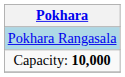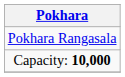 <table class="wikitable" style="text-align:center">
 <tr>
 <th><a href='#'>Pokhara</a></th>
 </tr>
 <tr>
-<td style="background: lightblue;"><a href='#'>Pokhara Rangasala</a></td>
+<td><a href='#'>Pokhara Rangasala</a></td>
 </tr>
 <tr>
 <td>Capacity: <strong>10,000</strong></td>
 </tr>
 <tr>
 </tr>
 </table>
